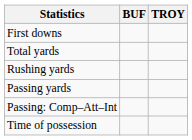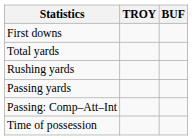 <table class="wikitable" style="float: left;">
 <tr>
 <th>Statistics</th>
+<th>TROY</th>
 <th>BUF</th>
-<th>TROY</th>
 </tr>
 <tr>
 <td>First downs</td>
 <td></td>
 <td></td>
 </tr>
 <tr>
 <td>Total yards</td>
 <td></td>
 <td></td>
 </tr>
 <tr>
 <td>Rushing yards</td>
 <td></td>
 <td></td>
 </tr>
 <tr>
 <td>Passing yards</td>
 <td></td>
 <td></td>
 </tr>
 <tr>
 <td>Passing: Comp–Att–Int</td>
 <td></td>
 <td></td>
 </tr>
 <tr>
 <td>Time of possession</td>
 <td></td>
 <td></td>
 </tr>
 </table>
